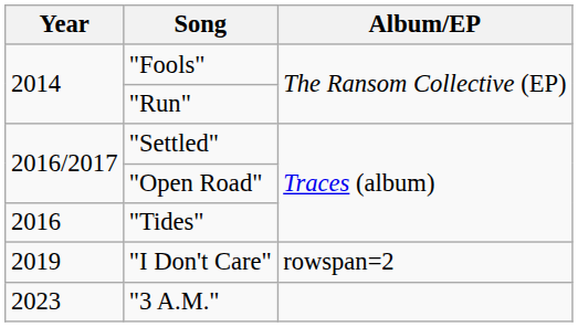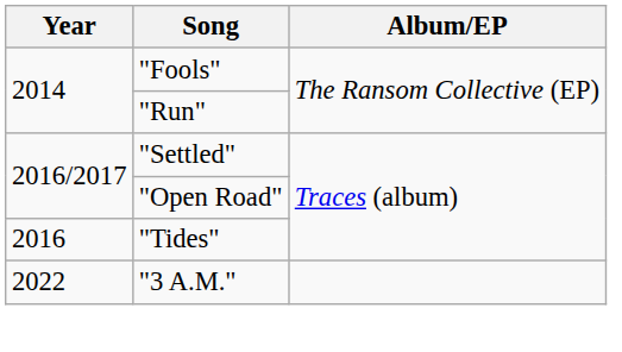 <table class="wikitable">
 <tr>
 <th>Year</th>
 <th>Song</th>
 <th>Album/EP</th>
 </tr>
 <tr>
 <td rowspan=2>2014</td>
 <td>"Fools"</td>
 <td rowspan=2><em>The Ransom Collective</em> (EP)</td>
 </tr>
 <tr>
 <td>"Run"</td>
 </tr>
 <tr>
 <td rowspan="2">2016/2017</td>
 <td>"Settled"</td>
 <td rowspan=3><em><a href='#'>Traces</a></em> (album)</td>
 </tr>
 <tr>
 <td>"Open Road"</td>
 </tr>
 <tr>
 <td>2016</td>
 <td>"Tides"</td>
 </tr>
 <tr>
-<td>2019</td>
-<td>"I Don't Care"</td>
-<td>rowspan=2 </td>
-</tr>
-<tr>
-<td>2023</td>
+<td>2022</td>
 <td>"3 A.M."</td>
 </tr>
 </table>
